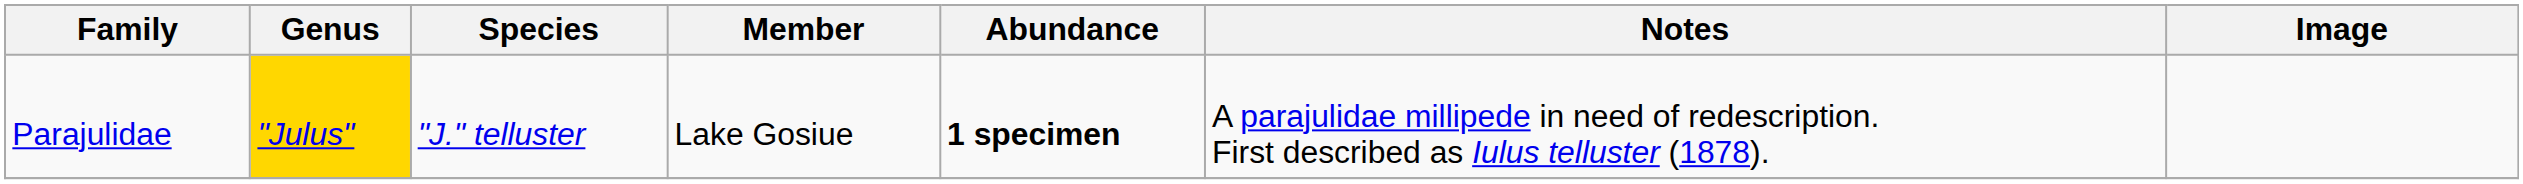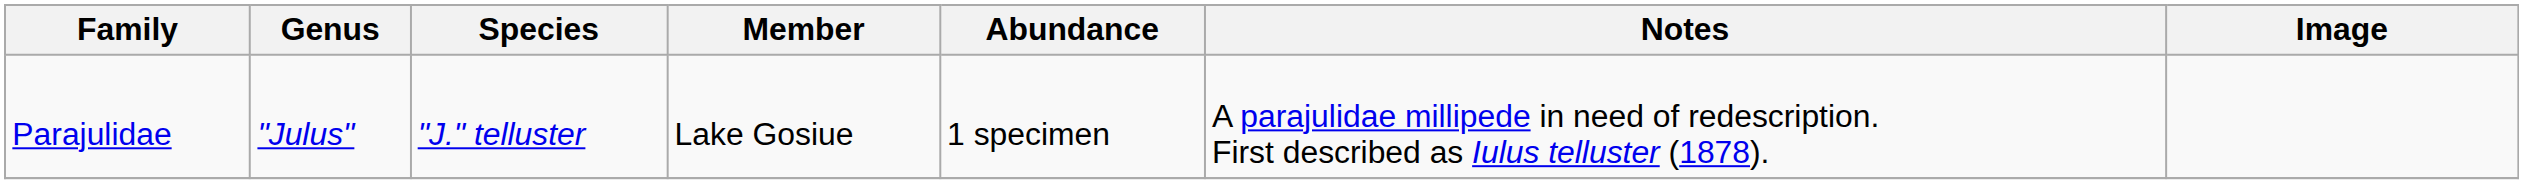 <table class="wikitable" style="margin:auto;width:100%;">
 <tr>
 <th>Family</th>
 <th>Genus</th>
 <th>Species</th>
 <th>Member</th>
 <th>Abundance</th>
 <th>Notes</th>
 <th width=170px>Image</th>
 </tr>
 <tr>
 <td><br><a href='#'>Parajulidae</a></td>
-<td style="background: gold;"><br><em><a href='#'>"Julus"</a></em></td>
+<td><br><em><a href='#'>"Julus"</a></em></td>
 <td><br><a href='#'><em>"J." telluster</em></a> </td>
 <td><br>Lake Gosiue</td>
-<td><strong><br>1 specimen</strong></td>
+<td><br>1 specimen</td>
 <td><br>A <a href='#'>parajulidae millipede</a> in need of redescription.<br>First described as <em><a href='#'>Iulus telluster</a></em> (<a href='#'>1878</a>).</td>
 <td><br></td>
 </tr>
 <tr>
 </tr>
 </table>
